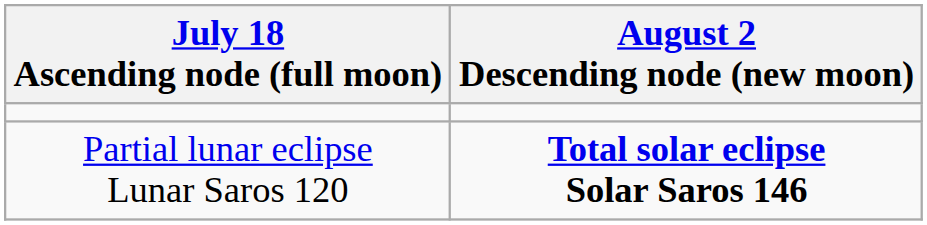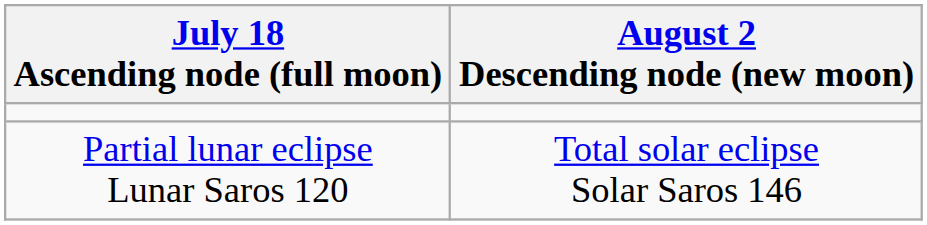 <table class="wikitable">
 <tr>
 <th><a href='#'>July 18</a><br>Ascending node (full moon)<br></th>
 <th><a href='#'>August 2</a><br>Descending node (new moon)<br></th>
 </tr>
 <tr>
 <td></td>
 <td></td>
 </tr>
 <tr align=center>
 <td><a href='#'>Partial lunar eclipse</a><br>Lunar Saros 120</td>
-<td><strong><a href='#'>Total solar eclipse</a><br>Solar Saros 146</strong></td>
+<td><a href='#'>Total solar eclipse</a><br>Solar Saros 146</td>
 </tr>
 </table>
